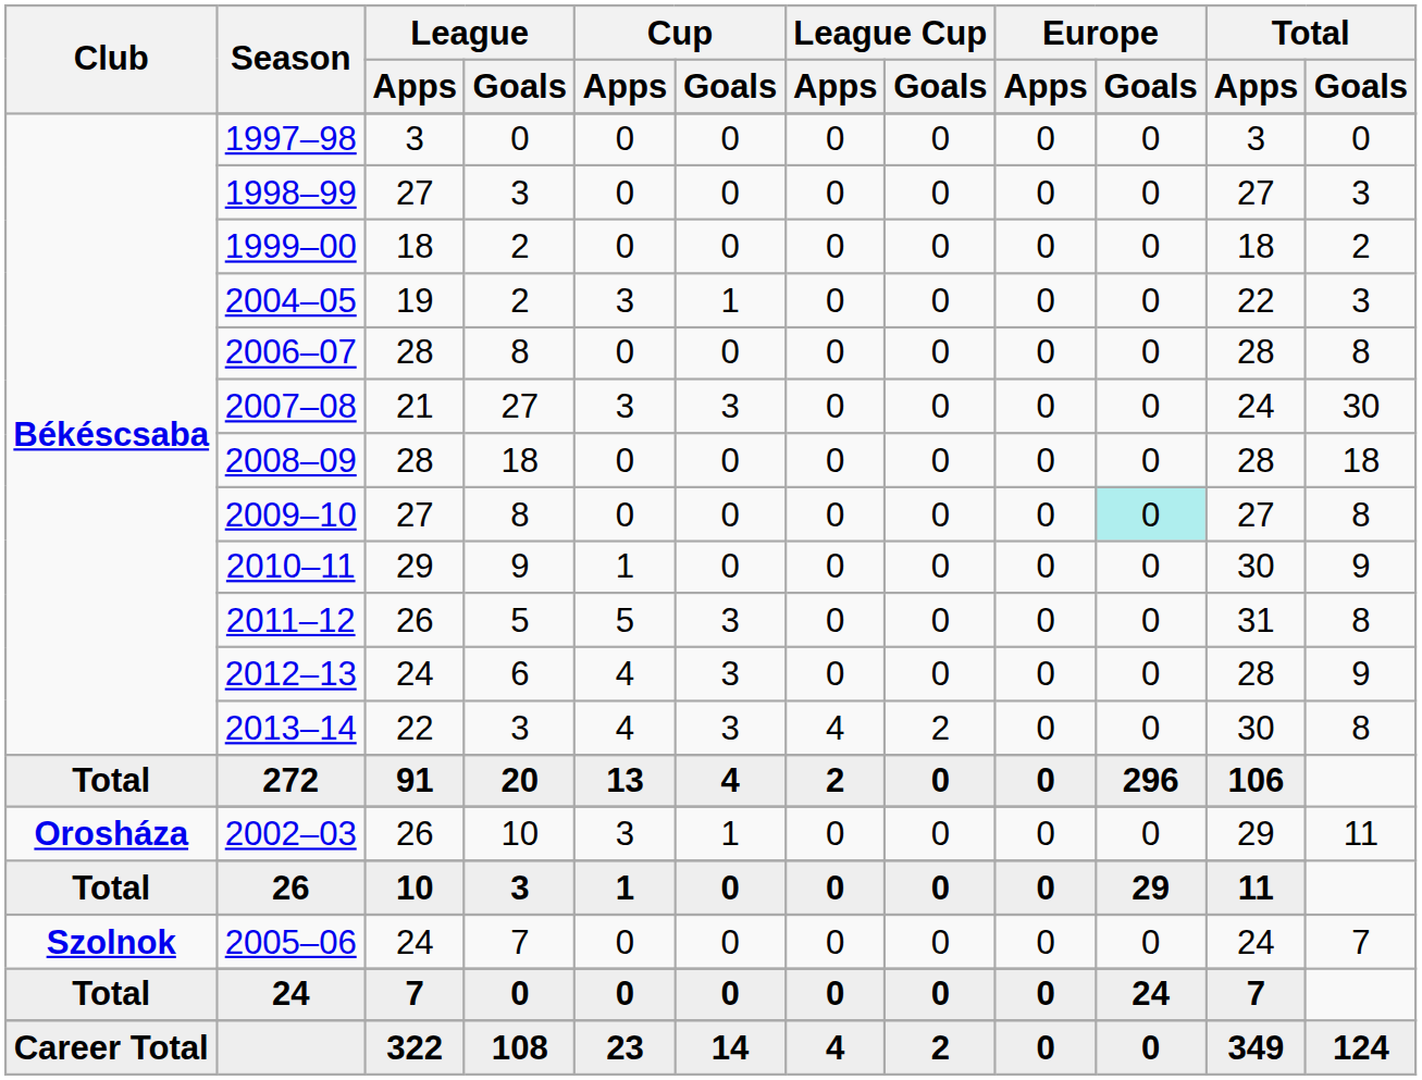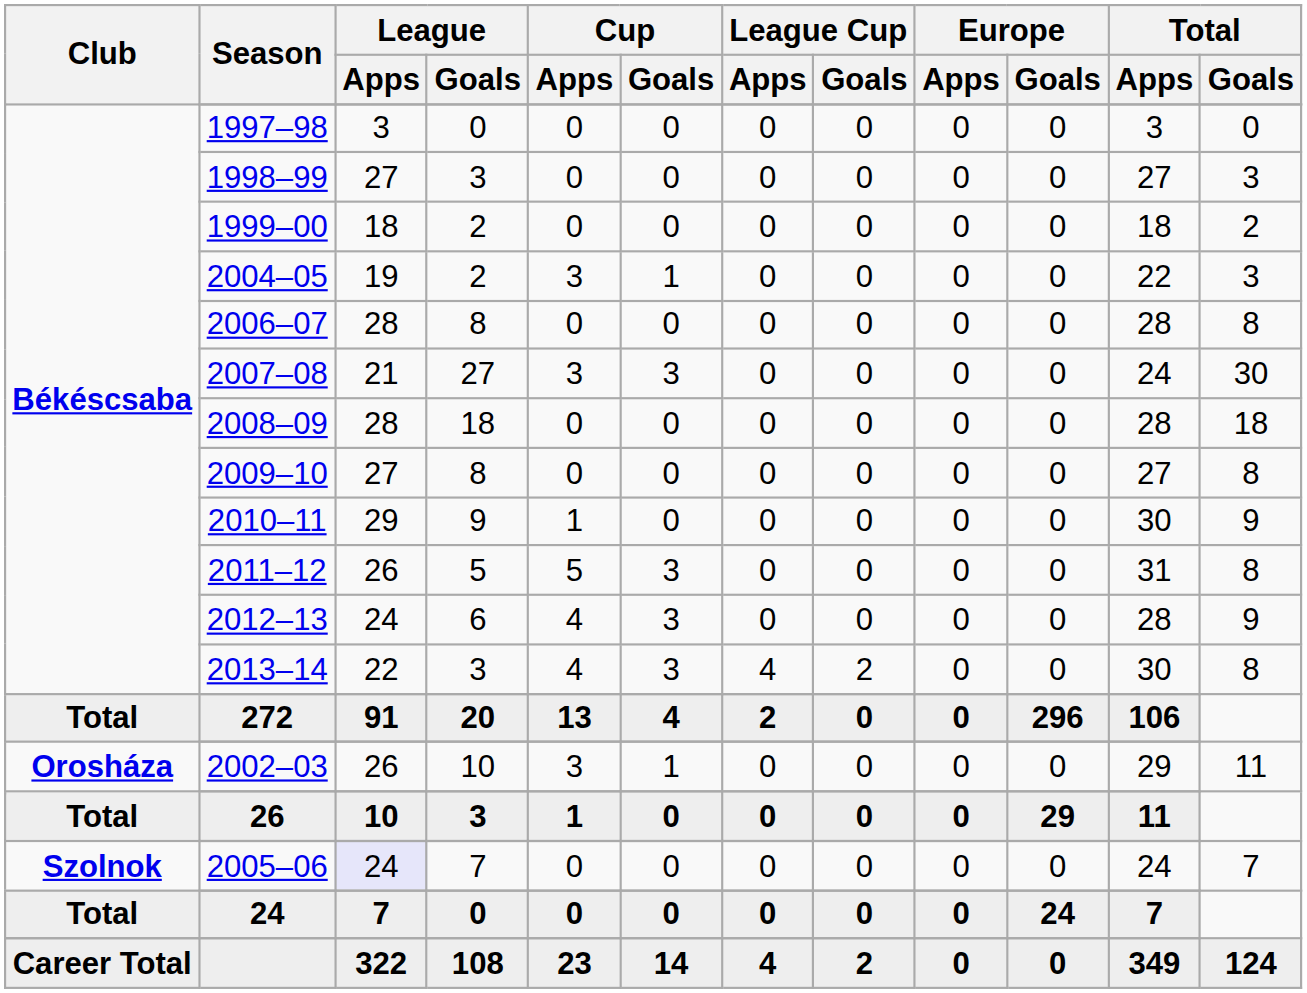 <table class="wikitable" style="font-size:90%; text-align: center;">
 <tr>
 <th rowspan="2">Club</th>
 <th rowspan="2">Season</th>
 <th colspan="2">League</th>
 <th colspan="2">Cup</th>
 <th colspan="2">League Cup</th>
 <th colspan="2">Europe</th>
 <th colspan="2">Total</th>
 </tr>
 <tr>
 <th>Apps</th>
 <th>Goals</th>
 <th>Apps</th>
 <th>Goals</th>
 <th>Apps</th>
 <th>Goals</th>
 <th>Apps</th>
 <th>Goals</th>
 <th>Apps</th>
 <th>Goals</th>
 </tr>
 <tr ||-||-||-|->
 <td rowspan="14" valign="center"><strong><a href='#'>Békéscsaba</a></strong></td>
 </tr>
 <tr>
 <td><a href='#'>1997–98</a></td>
 <td>3</td>
 <td>0</td>
 <td>0</td>
 <td>0</td>
 <td>0</td>
 <td>0</td>
 <td>0</td>
 <td>0</td>
 <td>3</td>
 <td>0</td>
 </tr>
 <tr>
 <td><a href='#'>1998–99</a></td>
 <td>27</td>
 <td>3</td>
 <td>0</td>
 <td>0</td>
 <td>0</td>
 <td>0</td>
 <td>0</td>
 <td>0</td>
 <td>27</td>
 <td>3</td>
 </tr>
 <tr>
 <td><a href='#'>1999–00</a></td>
 <td>18</td>
 <td>2</td>
 <td>0</td>
 <td>0</td>
 <td>0</td>
 <td>0</td>
 <td>0</td>
 <td>0</td>
 <td>18</td>
 <td>2</td>
 </tr>
 <tr>
 <td><a href='#'>2004–05</a></td>
 <td>19</td>
 <td>2</td>
 <td>3</td>
 <td>1</td>
 <td>0</td>
 <td>0</td>
 <td>0</td>
 <td>0</td>
 <td>22</td>
 <td>3</td>
 </tr>
 <tr>
 <td><a href='#'>2006–07</a></td>
 <td>28</td>
 <td>8</td>
 <td>0</td>
 <td>0</td>
 <td>0</td>
 <td>0</td>
 <td>0</td>
 <td>0</td>
 <td>28</td>
 <td>8</td>
 </tr>
 <tr>
 <td><a href='#'>2007–08</a></td>
 <td>21</td>
 <td>27</td>
 <td>3</td>
 <td>3</td>
 <td>0</td>
 <td>0</td>
 <td>0</td>
 <td>0</td>
 <td>24</td>
 <td>30</td>
 </tr>
 <tr>
 <td><a href='#'>2008–09</a></td>
 <td>28</td>
 <td>18</td>
 <td>0</td>
 <td>0</td>
 <td>0</td>
 <td>0</td>
 <td>0</td>
 <td>0</td>
 <td>28</td>
 <td>18</td>
 </tr>
 <tr>
 <td><a href='#'>2009–10</a></td>
 <td>27</td>
 <td>8</td>
 <td>0</td>
 <td>0</td>
 <td>0</td>
 <td>0</td>
 <td>0</td>
-<td style="background: paleturquoise;">0</td>
+<td>0</td>
 <td>27</td>
 <td>8</td>
 </tr>
 <tr>
 <td><a href='#'>2010–11</a></td>
 <td>29</td>
 <td>9</td>
 <td>1</td>
 <td>0</td>
 <td>0</td>
 <td>0</td>
 <td>0</td>
 <td>0</td>
 <td>30</td>
 <td>9</td>
 </tr>
 <tr>
 <td><a href='#'>2011–12</a></td>
 <td>26</td>
 <td>5</td>
 <td>5</td>
 <td>3</td>
 <td>0</td>
 <td>0</td>
 <td>0</td>
 <td>0</td>
 <td>31</td>
 <td>8</td>
 </tr>
 <tr>
 <td><a href='#'>2012–13</a></td>
 <td>24</td>
 <td>6</td>
 <td>4</td>
 <td>3</td>
 <td>0</td>
 <td>0</td>
 <td>0</td>
 <td>0</td>
 <td>28</td>
 <td>9</td>
 </tr>
 <tr>
 <td><a href='#'>2013–14</a></td>
 <td>22</td>
 <td>3</td>
 <td>4</td>
 <td>3</td>
 <td>4</td>
 <td>2</td>
 <td>0</td>
 <td>0</td>
 <td>30</td>
 <td>8</td>
 </tr>
 <tr>
 </tr>
 <tr style="font-weight:bold; background-color:#eeeeee;">
 <td>Total</td>
 <td>272</td>
 <td>91</td>
 <td>20</td>
 <td>13</td>
 <td>4</td>
 <td>2</td>
 <td>0</td>
 <td>0</td>
 <td>296</td>
 <td>106</td>
 </tr>
 <tr>
 <td rowspan="3" valign="center"><strong><a href='#'>Orosháza</a></strong></td>
 </tr>
 <tr>
 <td><a href='#'>2002–03</a></td>
 <td>26</td>
 <td>10</td>
 <td>3</td>
 <td>1</td>
 <td>0</td>
 <td>0</td>
 <td>0</td>
 <td>0</td>
 <td>29</td>
 <td>11</td>
 </tr>
 <tr>
 </tr>
 <tr style="font-weight:bold; background-color:#eeeeee;">
 <td>Total</td>
 <td>26</td>
 <td>10</td>
 <td>3</td>
 <td>1</td>
 <td>0</td>
 <td>0</td>
 <td>0</td>
 <td>0</td>
 <td>29</td>
 <td>11</td>
 </tr>
 <tr>
 <td rowspan="3" valign="center"><strong><a href='#'>Szolnok</a></strong></td>
 </tr>
 <tr>
 <td><a href='#'>2005–06</a></td>
-<td>24</td>
+<td style="background: lavender;">24</td>
 <td>7</td>
 <td>0</td>
 <td>0</td>
 <td>0</td>
 <td>0</td>
 <td>0</td>
 <td>0</td>
 <td>24</td>
 <td>7</td>
 </tr>
 <tr>
 </tr>
 <tr style="font-weight:bold; background-color:#eeeeee;">
 <td>Total</td>
 <td>24</td>
 <td>7</td>
 <td>0</td>
 <td>0</td>
 <td>0</td>
 <td>0</td>
 <td>0</td>
 <td>0</td>
 <td>24</td>
 <td>7</td>
 </tr>
 <tr>
 </tr>
 <tr style="font-weight:bold; background-color:#eeeeee;">
 <td rowspan="2" valign="top"><strong>Career Total</strong></td>
 <td></td>
 <td><strong>322</strong></td>
 <td><strong>108</strong></td>
 <td><strong>23</strong></td>
 <td><strong>14</strong></td>
 <td><strong>4</strong></td>
 <td><strong>2</strong></td>
 <td><strong>0</strong></td>
 <td><strong>0</strong></td>
 <td><strong>349</strong></td>
 <td><strong>124</strong></td>
 </tr>
 </table>
